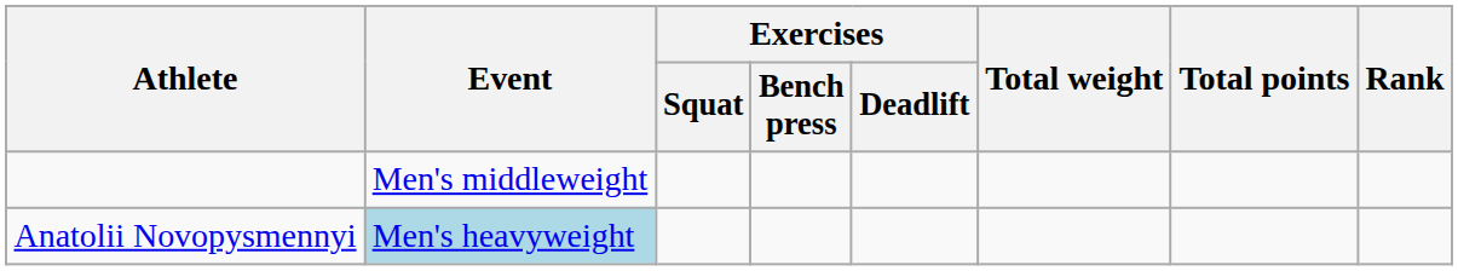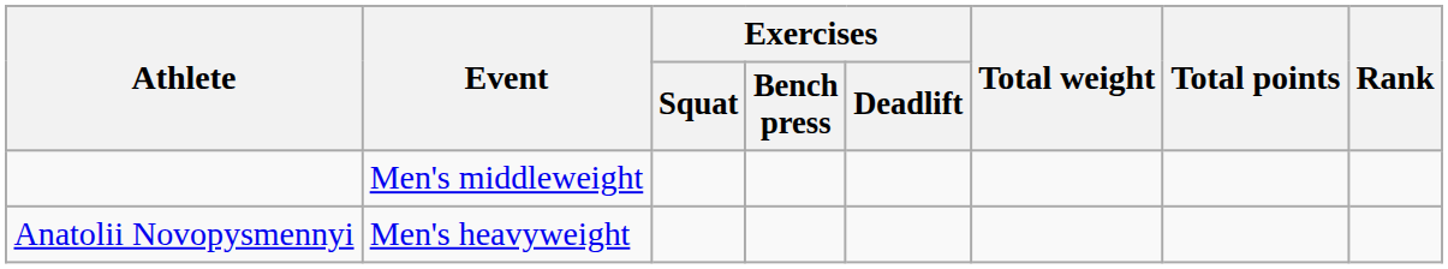 <table class=wikitable style="font-size:90%">
 <tr>
 <th rowspan="2">Athlete</th>
 <th rowspan="2">Event</th>
 <th colspan="3">Exercises</th>
 <th rowspan="2">Total weight</th>
 <th rowspan="2">Total points</th>
 <th rowspan="2">Rank</th>
 </tr>
 <tr style="font-size:95%">
 <th>Squat</th>
 <th>Bench<br>press</th>
 <th>Deadlift</th>
 </tr>
 <tr align=center>
 <td align=left></td>
 <td align=left><a href='#'>Men's middleweight</a></td>
 <td></td>
 <td></td>
 <td></td>
 <td></td>
 <td></td>
 <td></td>
 </tr>
 <tr align=center>
 <td align=left><a href='#'>Anatolii Novopysmennyi</a></td>
-<td align=left style="background: lightblue;"><a href='#'>Men's heavyweight</a></td>
+<td align=left><a href='#'>Men's heavyweight</a></td>
 <td></td>
 <td></td>
 <td></td>
 <td></td>
 <td></td>
 <td></td>
 </tr>
 </table>
